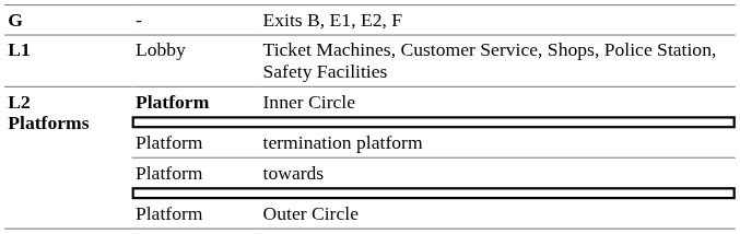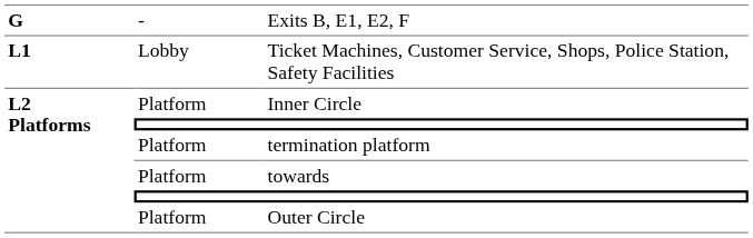 <table table border=0 cellspacing=0 cellpadding=3>
 <tr>
 <td style="border-top:solid 1px gray;" width=50 valign=top><strong>G</strong></td>
 <td style="border-top:solid 1px gray;" width=100 valign=top>-</td>
 <td style="border-top:solid 1px gray;" width=390 valign=top>Exits B, E1, E2, F</td>
 </tr>
 <tr>
 <td style="border-bottom:solid 1px gray; border-top:solid 1px gray;" valign=top width=100><strong>L1</strong></td>
 <td style="border-bottom:solid 1px gray; border-top:solid 1px gray;" valign=top width=100>Lobby</td>
 <td style="border-bottom:solid 1px gray; border-top:solid 1px gray;" valign=top width=390>Ticket Machines, Customer Service, Shops, Police Station, Safety Facilities</td>
 </tr>
 <tr>
 <td rowspan=3 valign=top><strong>L2<br>Platforms</strong></td>
-<td><strong>Platform </strong></td>
+<td>Platform </td>
 <td>  Inner Circle </td>
 </tr>
 <tr>
 <td style="border-right:solid 2px black;border-left:solid 2px black;border-top:solid 2px black;border-bottom:solid 2px black;text-align:center;" colspan=2></td>
 </tr>
 <tr>
 <td style="border-bottom:solid 1px gray;">Platform </td>
 <td style="border-bottom:solid 1px gray;">  termination platform</td>
 </tr>
 <tr>
 <td rowspan=3 valign=top style="border-bottom:solid 1px gray;"></td>
 <td>Platform </td>
 <td> towards   </td>
 </tr>
 <tr>
 <td style="border-right:solid 2px black;border-left:solid 2px black;border-top:solid 2px black;border-bottom:solid 2px black;text-align:center;" colspan=2></td>
 </tr>
 <tr>
 <td style="border-bottom:solid 1px gray;">Platform </td>
 <td style="border-bottom:solid 1px gray;"> Outer Circle  </td>
 </tr>
 </table>
